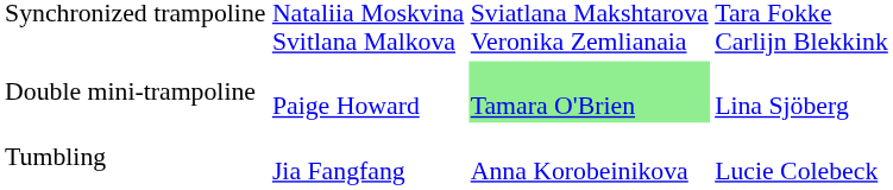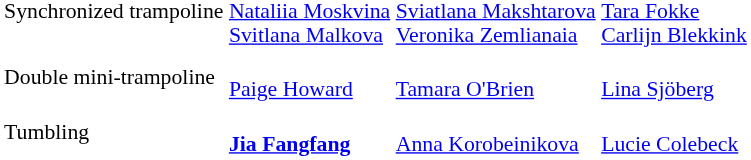 <table>
 <tr>
 <td>Synchronized trampoline<br></td>
 <td><br><a href='#'>Nataliia Moskvina</a><br><a href='#'>Svitlana Malkova</a></td>
 <td><br><a href='#'>Sviatlana Makshtarova</a><br><a href='#'>Veronika Zemlianaia</a></td>
 <td><br><a href='#'>Tara Fokke</a><br><a href='#'>Carlijn Blekkink</a></td>
 </tr>
 <tr>
 <td>Double mini-trampoline<br></td>
 <td><br><a href='#'>Paige Howard</a></td>
-<td style="background: lightgreen;"><br><a href='#'>Tamara O'Brien</a></td>
+<td><br><a href='#'>Tamara O'Brien</a></td>
 <td><br><a href='#'>Lina Sjöberg</a></td>
 </tr>
 <tr>
 <td>Tumbling<br></td>
-<td><br><a href='#'>Jia Fangfang</a></td>
+<td><strong><br><a href='#'>Jia Fangfang</a></strong></td>
 <td><br><a href='#'>Anna Korobeinikova</a></td>
 <td><br><a href='#'>Lucie Colebeck</a></td>
 </tr>
 </table>
